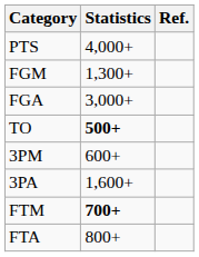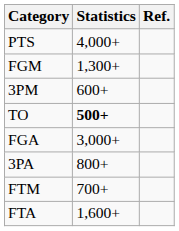 <table class="wikitable">
 <tr>
 <th>Category</th>
 <th>Statistics</th>
 <th>Ref.</th>
 </tr>
 <tr>
 <td>PTS</td>
 <td>4,000+</td>
 <td></td>
 </tr>
 <tr>
 <td>FGM</td>
 <td>1,300+</td>
 <td></td>
 </tr>
 <tr>
-<td>FGA</td>
-<td>3,000+</td>
+<td>3PM</td>
+<td>600+</td>
 <td></td>
 </tr>
 <tr>
 <td>TO</td>
 <td><strong>500+</strong></td>
 <td></td>
 </tr>
 <tr>
-<td>3PM</td>
-<td>600+</td>
+<td>FGA</td>
+<td>3,000+</td>
 <td></td>
 </tr>
 <tr>
 <td>3PA</td>
-<td>1,600+</td>
+<td>800+</td>
 <td></td>
 </tr>
 <tr>
 <td>FTM</td>
-<td><strong>700+</strong></td>
+<td>700+</td>
 <td></td>
 </tr>
 <tr>
 <td>FTA</td>
-<td>800+</td>
+<td>1,600+</td>
 <td></td>
 </tr>
 </table>
